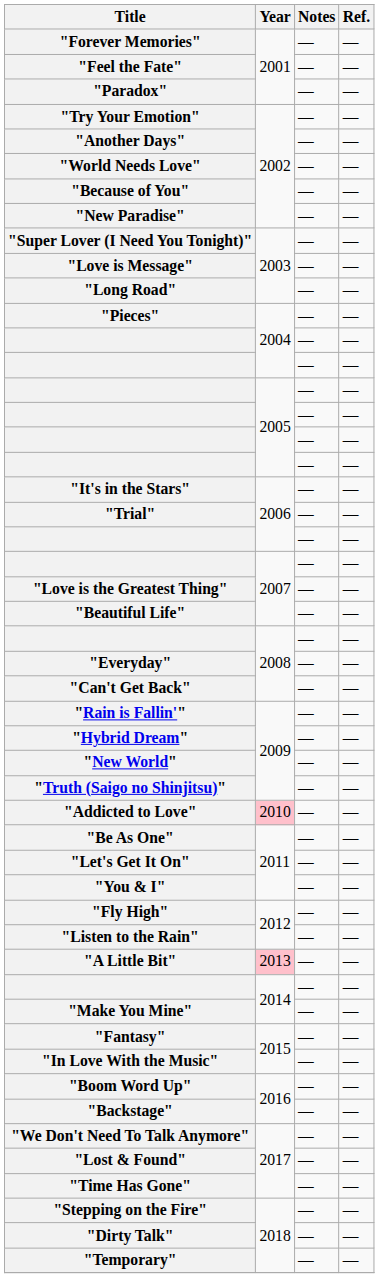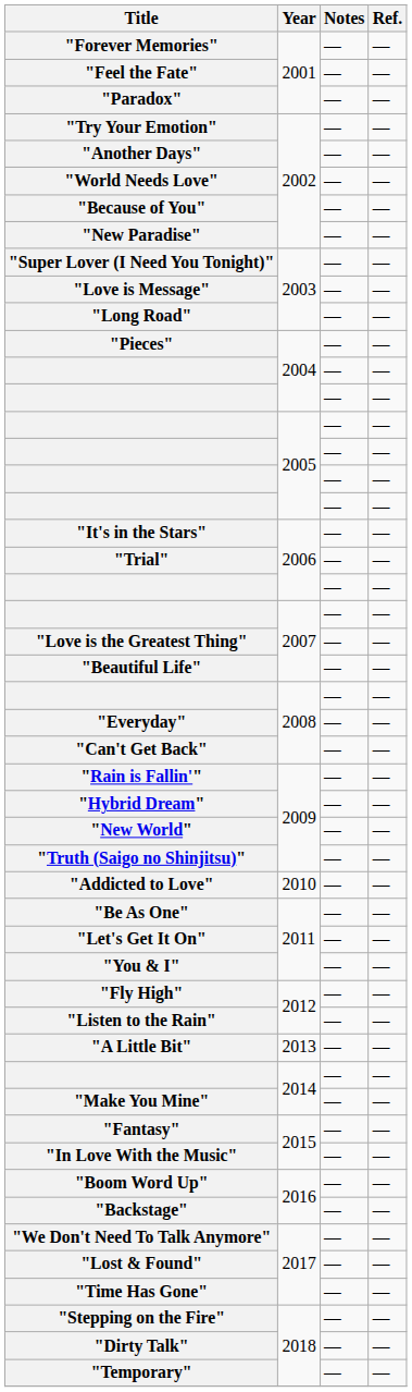 <table class="wikitable plainrowheaders">
 <tr>
 <th>Title</th>
 <th>Year</th>
 <th>Notes</th>
 <th>Ref.</th>
 </tr>
 <tr>
 <th scope="row">"Forever Memories"</th>
 <td rowspan="3">2001</td>
 <td>—</td>
 <td>—</td>
 </tr>
 <tr>
 <th scope="row">"Feel the Fate"</th>
 <td>—</td>
 <td>—</td>
 </tr>
 <tr>
 <th scope="row">"Paradox"</th>
 <td>—</td>
 <td>—</td>
 </tr>
 <tr>
 <th scope="row">"Try Your Emotion"</th>
 <td rowspan="5">2002</td>
 <td>—</td>
 <td>—</td>
 </tr>
 <tr>
 <th scope="row">"Another Days"</th>
 <td>—</td>
 <td>—</td>
 </tr>
 <tr>
 <th scope="row">"World Needs Love"<br></th>
 <td>—</td>
 <td>—</td>
 </tr>
 <tr>
 <th scope="row">"Because of You"</th>
 <td>—</td>
 <td>—</td>
 </tr>
 <tr>
 <th scope="row">"New Paradise"</th>
 <td>—</td>
 <td>—</td>
 </tr>
 <tr>
 <th scope="row">"Super Lover (I Need You Tonight)"</th>
 <td rowspan="3">2003</td>
 <td>—</td>
 <td>—</td>
 </tr>
 <tr>
 <th scope="row">"Love is Message"</th>
 <td>—</td>
 <td>—</td>
 </tr>
 <tr>
 <th scope="row">"Long Road"</th>
 <td>—</td>
 <td>—</td>
 </tr>
 <tr>
 <th scope="row">"Pieces"</th>
 <td rowspan="3">2004</td>
 <td>—</td>
 <td>—</td>
 </tr>
 <tr>
 <th scope="row"></th>
 <td>—</td>
 <td>—</td>
 </tr>
 <tr>
 <th scope="row"></th>
 <td>—</td>
 <td>—</td>
 </tr>
 <tr>
 <th scope="row"></th>
 <td rowspan="4">2005</td>
 <td>—</td>
 <td>—</td>
 </tr>
 <tr>
 <th scope="row"></th>
 <td>—</td>
 <td>—</td>
 </tr>
 <tr>
 <th scope="row"></th>
 <td>—</td>
 <td>—</td>
 </tr>
 <tr>
 <th scope="row"></th>
 <td>—</td>
 <td>—</td>
 </tr>
 <tr>
 <th scope="row">"It's in the Stars"</th>
 <td rowspan="3">2006</td>
 <td>—</td>
 <td>—</td>
 </tr>
 <tr>
 <th scope="row">"Trial"</th>
 <td>—</td>
 <td>—</td>
 </tr>
 <tr>
 <th scope="row"></th>
 <td>—</td>
 <td>—</td>
 </tr>
 <tr>
 <th scope="row"></th>
 <td rowspan="3">2007</td>
 <td>—</td>
 <td>—</td>
 </tr>
 <tr>
 <th scope="row">"Love is the Greatest Thing"</th>
 <td>—</td>
 <td>—</td>
 </tr>
 <tr>
 <th scope="row">"Beautiful Life"</th>
 <td>—</td>
 <td>—</td>
 </tr>
 <tr>
 <th scope="row"></th>
 <td rowspan="3">2008</td>
 <td>—</td>
 <td>—</td>
 </tr>
 <tr>
 <th scope="row">"Everyday"</th>
 <td>—</td>
 <td>—</td>
 </tr>
 <tr>
 <th scope="row">"Can't Get Back"</th>
 <td>—</td>
 <td>—</td>
 </tr>
 <tr>
 <th scope="row">"<a href='#'>Rain is Fallin'</a>"<br></th>
 <td rowspan="4">2009</td>
 <td>—</td>
 <td>—</td>
 </tr>
 <tr>
 <th scope="row">"<a href='#'>Hybrid Dream</a>"</th>
 <td>—</td>
 <td>—</td>
 </tr>
 <tr>
 <th scope="row">"<a href='#'>New World</a>"</th>
 <td>—</td>
 <td>—</td>
 </tr>
 <tr>
 <th scope="row">"<a href='#'>Truth (Saigo no Shinjitsu)</a>"</th>
 <td>—</td>
 <td>—</td>
 </tr>
 <tr>
 <th scope="row">"Addicted to Love"</th>
-<td style="background: pink;">2010</td>
+<td>2010</td>
 <td>—</td>
 <td>—</td>
 </tr>
 <tr>
 <th scope="row">"Be As One"</th>
 <td rowspan="3">2011</td>
 <td>—</td>
 <td>—</td>
 </tr>
 <tr>
 <th scope="row">"Let's Get It On"</th>
 <td>—</td>
 <td>—</td>
 </tr>
 <tr>
 <th scope="row">"You & I"</th>
 <td>—</td>
 <td>—</td>
 </tr>
 <tr>
 <th scope="row">"Fly High"</th>
 <td rowspan="2">2012</td>
 <td>—</td>
 <td>—</td>
 </tr>
 <tr>
 <th scope="row">"Listen to the Rain"</th>
 <td>—</td>
 <td>—</td>
 </tr>
 <tr>
 <th scope="row">"A Little Bit"</th>
-<td style="background: pink;">2013</td>
+<td>2013</td>
 <td>—</td>
 <td>—</td>
 </tr>
 <tr>
 <th scope="row"></th>
 <td rowspan="2">2014</td>
 <td>—</td>
 <td>—</td>
 </tr>
 <tr>
 <th scope="row">"Make You Mine"</th>
 <td>—</td>
 <td>—</td>
 </tr>
 <tr>
 <th scope="row">"Fantasy"</th>
 <td rowspan="2">2015</td>
 <td>—</td>
 <td>—</td>
 </tr>
 <tr>
 <th scope="row">"In Love With the Music"</th>
 <td>—</td>
 <td>—</td>
 </tr>
 <tr>
 <th scope="row">"Boom Word Up"</th>
 <td rowspan="2">2016</td>
 <td>—</td>
 <td>—</td>
 </tr>
 <tr>
 <th scope="row">"Backstage"</th>
 <td>—</td>
 <td>—</td>
 </tr>
 <tr>
 <th scope="row">"We Don't Need To Talk Anymore"</th>
 <td rowspan="3">2017</td>
 <td>—</td>
 <td>—</td>
 </tr>
 <tr>
 <th scope="row">"Lost & Found"<br></th>
 <td>—</td>
 <td>—</td>
 </tr>
 <tr>
 <th scope="row">"Time Has Gone"</th>
 <td>—</td>
 <td>—</td>
 </tr>
 <tr>
 <th scope="row">"Stepping on the Fire"<br></th>
 <td rowspan="3">2018</td>
 <td>—</td>
 <td>—</td>
 </tr>
 <tr>
 <th scope="row">"Dirty Talk"</th>
 <td>—</td>
 <td>—</td>
 </tr>
 <tr>
 <th scope="row">"Temporary"</th>
 <td>—</td>
 <td>—</td>
 </tr>
 <tr>
 </tr>
 </table>
